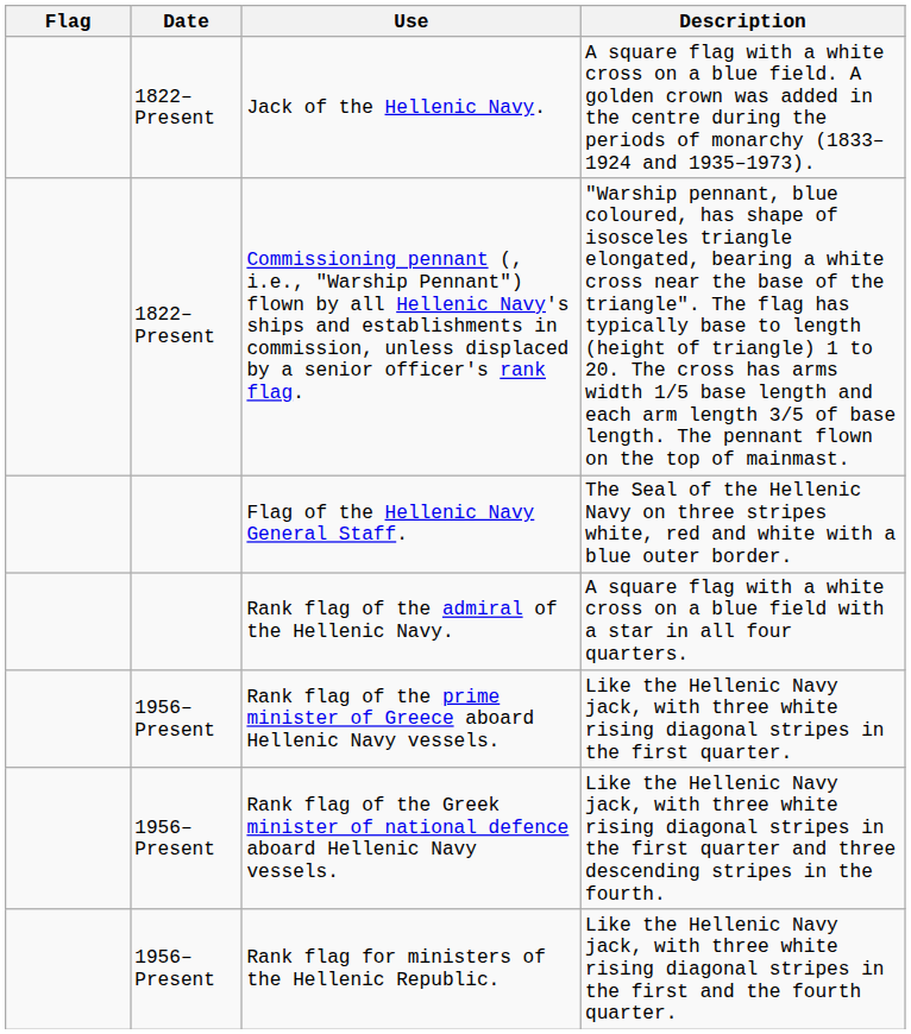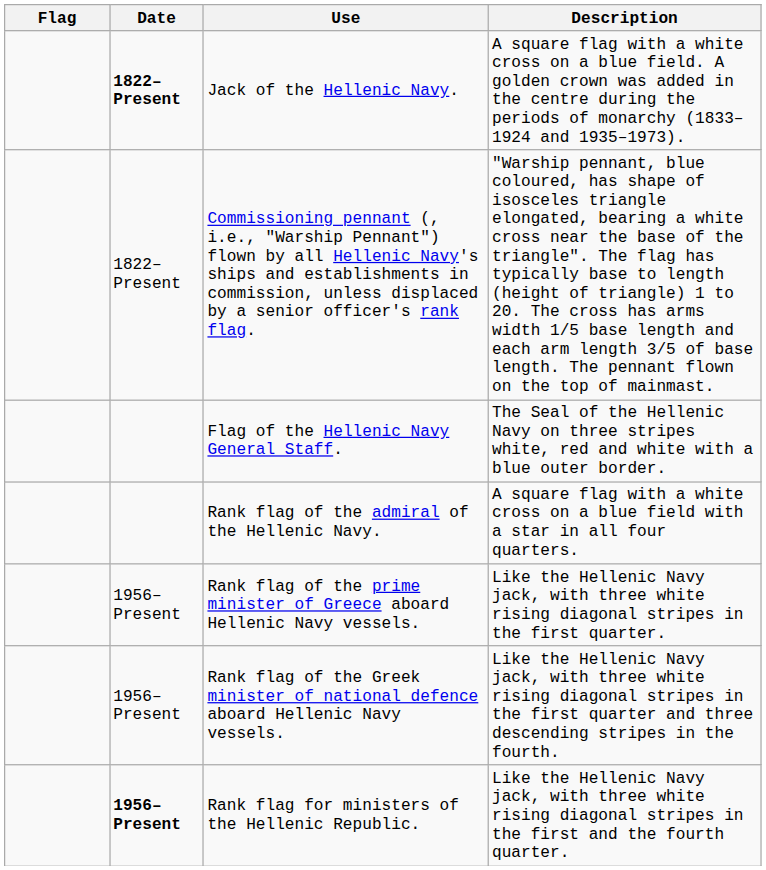 <table class="wikitable">
 <tr>
 <th width="110">Flag</th>
 <th width="80">Date</th>
 <th width="300">Use</th>
 <th width="300">Description</th>
 </tr>
 <tr>
 <td></td>
-<td>1822–Present</td>
+<td><strong>1822–Present</strong></td>
 <td>Jack of the <a href='#'>Hellenic Navy</a>.</td>
 <td>A square flag with a white cross on a blue field. A golden crown was added in the centre during the periods of monarchy (1833–1924 and 1935–1973).</td>
 </tr>
 <tr>
 <td></td>
 <td>1822–Present</td>
 <td><a href='#'>Commissioning pennant</a> (, i.e., "Warship Pennant") flown by all <a href='#'>Hellenic Navy</a>'s ships and establishments in commission, unless displaced by a senior officer's <a href='#'>rank flag</a>.</td>
 <td>"Warship pennant, blue coloured, has shape of isosceles triangle elongated, bearing a white cross near the base of the triangle". The flag has typically base to length (height of triangle) 1 to 20. The cross has arms width 1/5 base length and each arm length 3/5 of base length. The pennant flown on the top of mainmast.</td>
 </tr>
 <tr>
 <td></td>
 <td></td>
 <td>Flag of the <a href='#'>Hellenic Navy General Staff</a>.</td>
 <td>The Seal of the Hellenic Navy on three stripes white, red and white with a blue outer border.</td>
 </tr>
 <tr>
 <td></td>
 <td></td>
 <td>Rank flag of the <a href='#'>admiral</a> of the Hellenic Navy.</td>
 <td>A square flag with a white cross on a blue field with a star in all four quarters.</td>
 </tr>
 <tr>
 <td></td>
 <td>1956–Present</td>
 <td>Rank flag of the <a href='#'>prime minister of Greece</a> aboard Hellenic Navy vessels.</td>
 <td>Like the Hellenic Navy jack, with three white rising diagonal stripes in the first quarter.</td>
 </tr>
 <tr>
 <td></td>
 <td>1956–Present</td>
 <td>Rank flag of the Greek <a href='#'>minister of national defence</a> aboard Hellenic Navy vessels.</td>
 <td>Like the Hellenic Navy jack, with three white rising diagonal stripes in the first quarter and three descending stripes in the fourth.</td>
 </tr>
 <tr>
 <td></td>
-<td>1956–Present</td>
+<td><strong>1956–Present</strong></td>
 <td>Rank flag for ministers of the Hellenic Republic.</td>
 <td>Like the Hellenic Navy jack, with three white rising diagonal stripes in the first and the fourth quarter.</td>
 </tr>
 <tr>
 </tr>
 </table>
